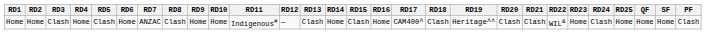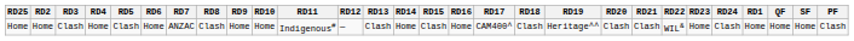 <table class="wikitable" style="font-size:85%; width:40%;">
 <tr>
-<th>RD1</th>
+<th>RD25</th>
 <th>RD2</th>
 <th>RD3</th>
 <th>RD4</th>
 <th>RD5</th>
 <th>RD6</th>
 <th>RD7</th>
 <th>RD8</th>
 <th>RD9</th>
 <th>RD10</th>
 <th>RD11</th>
 <th>RD12</th>
 <th>RD13</th>
 <th>RD14</th>
 <th>RD15</th>
 <th>RD16</th>
 <th>RD17</th>
 <th>RD18</th>
 <th>RD19</th>
 <th>RD20</th>
 <th>RD21</th>
 <th>RD22</th>
 <th>RD23</th>
 <th>RD24</th>
-<th>RD25</th>
+<th>RD1</th>
 <th>QF</th>
 <th>SF</th>
 <th>PF</th>
 </tr>
 <tr>
 <td>Home</td>
 <td>Home</td>
 <td>Clash</td>
 <td>Home</td>
 <td>Clash</td>
 <td>Home</td>
 <td>ANZAC</td>
 <td>Clash</td>
 <td>Home</td>
 <td>Home</td>
 <td>Indigenous<sup>#</sup></td>
 <td>—</td>
 <td>Clash</td>
 <td>Home</td>
 <td>Clash</td>
 <td>Home</td>
 <td>CAM400^</td>
 <td>Clash</td>
 <td>Heritage^^</td>
 <td>Clash</td>
 <td>Clash</td>
 <td>WIL<sup>&</sup></td>
 <td>Home</td>
 <td>Clash</td>
 <td>Home</td>
 <td>Home</td>
 <td>Home</td>
 <td>Clash</td>
 </tr>
 </table>
